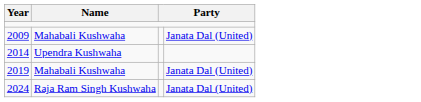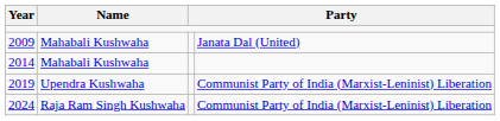 <table class="wikitable">
 <tr>
 <th>Year</th>
 <th>Name</th>
 <th colspan="2">Party</th>
 </tr>
 <tr>
 <td colspan="4"></td>
 </tr>
 <tr>
 <td><a href='#'>2009</a></td>
 <td><a href='#'>Mahabali Kushwaha</a></td>
 <td style="background-color: "></td>
 <td><a href='#'>Janata Dal (United)</a></td>
 </tr>
 <tr>
 <td><a href='#'>2014</a></td>
-<td><a href='#'>Upendra Kushwaha</a></td>
+<td><a href='#'>Mahabali Kushwaha</a></td>
 <td></td>
 </tr>
 <tr>
 <td><a href='#'>2019</a></td>
-<td><a href='#'>Mahabali Kushwaha</a></td>
+<td><a href='#'>Upendra Kushwaha</a></td>
 <td style="background-color: "></td>
-<td><a href='#'>Janata Dal (United)</a></td>
+<td><a href='#'>Communist Party of India (Marxist-Leninist) Liberation</a></td>
 </tr>
 <tr>
 <td><a href='#'>2024</a></td>
 <td><a href='#'>Raja Ram Singh Kushwaha</a></td>
 <td style="background-color: "></td>
-<td><a href='#'>Janata Dal (United)</a></td>
+<td><a href='#'>Communist Party of India (Marxist-Leninist) Liberation</a></td>
 </tr>
 </table>
